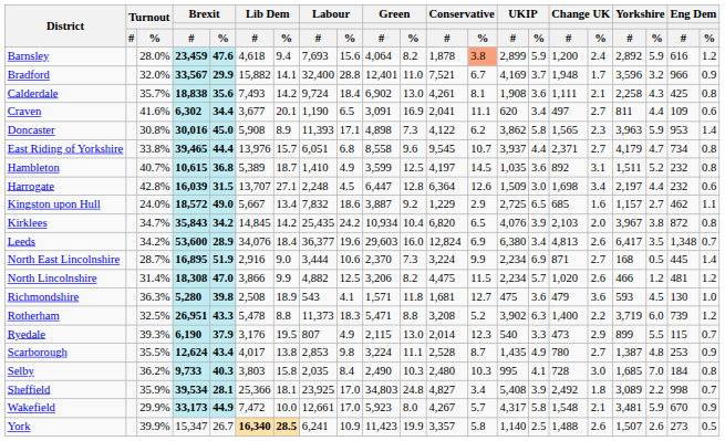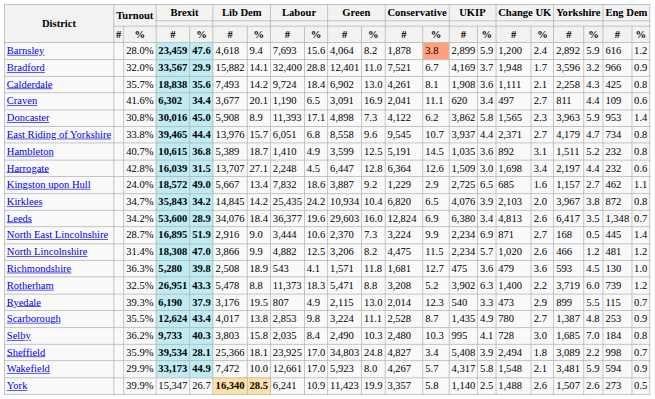 <table class="wikitable sortable">
 <tr>
 <th rowspan=3>District</th>
 <th rowspan=2 colspan=2>Turnout</th>
 <th colspan="2">Brexit</th>
 <th colspan="2">Lib Dem</th>
 <th colspan="2">Labour</th>
 <th colspan="2">Green</th>
 <th colspan="2">Conservative</th>
 <th colspan="2">UKIP</th>
 <th colspan="2">Change UK</th>
 <th colspan="2">Yorkshire</th>
 <th colspan="2">Eng Dem</th>
 </tr>
 <tr>
 <th colspan="2" style="background:"></th>
 <th colspan="2" style="background:"></th>
 <th colspan="2" style="background:"></th>
 <th colspan="2" style="background:"></th>
 <th colspan="2" style="background:"></th>
 <th colspan="2" style="background:"></th>
 <th colspan="2" style="background:"></th>
 <th colspan="2" style="background:"></th>
 <th colspan="2" style="background:"></th>
 </tr>
 <tr>
 <th>#</th>
 <th>%</th>
 <th>#</th>
 <th>%</th>
 <th>#</th>
 <th>%</th>
 <th>#</th>
 <th>%</th>
 <th>#</th>
 <th>%</th>
 <th>#</th>
 <th>%</th>
 <th>#</th>
 <th>%</th>
 <th>#</th>
 <th>%</th>
 <th>#</th>
 <th>%</th>
 <th>#</th>
 <th>%</th>
 </tr>
 <tr>
 <td><a href='#'>Barnsley</a></td>
 <td></td>
 <td>28.0%</td>
 <td style="background:#BFEBF2;"><strong>23,459</strong></td>
 <td style="background:#BFEBF2;"><strong>47.6</strong></td>
 <td>4,618</td>
 <td>9.4</td>
 <td>7,693</td>
 <td>15.6</td>
 <td>4,064</td>
 <td>8.2</td>
 <td>1,878</td>
 <td style="background: lightsalmon;">3.8</td>
 <td>2,899</td>
 <td>5.9</td>
 <td>1,200</td>
 <td>2.4</td>
 <td>2,892</td>
 <td>5.9</td>
 <td>616</td>
 <td>1.2</td>
 </tr>
 <tr>
 <td><a href='#'>Bradford</a></td>
 <td></td>
 <td>32.0%</td>
 <td style="background:#BFEBF2;"><strong>33,567</strong></td>
 <td style="background:#BFEBF2;"><strong>29.9</strong></td>
 <td>15,882</td>
 <td>14.1</td>
 <td>32,400</td>
 <td>28.8</td>
 <td>12,401</td>
 <td>11.0</td>
 <td>7,521</td>
 <td>6.7</td>
 <td>4,169</td>
 <td>3.7</td>
 <td>1,948</td>
 <td>1.7</td>
 <td>3,596</td>
 <td>3.2</td>
 <td>966</td>
 <td>0.9</td>
 </tr>
 <tr>
 <td><a href='#'>Calderdale</a></td>
 <td></td>
 <td>35.7%</td>
 <td style="background:#BFEBF2;"><strong>18,838</strong></td>
 <td style="background:#BFEBF2;"><strong>35.6</strong></td>
 <td>7,493</td>
 <td>14.2</td>
 <td>9,724</td>
 <td>18.4</td>
 <td>6,902</td>
 <td>13.0</td>
 <td>4,261</td>
 <td>8.1</td>
 <td>1,908</td>
 <td>3.6</td>
 <td>1,111</td>
 <td>2.1</td>
 <td>2,258</td>
 <td>4.3</td>
 <td>425</td>
 <td>0.8</td>
 </tr>
 <tr>
 <td><a href='#'>Craven</a></td>
 <td></td>
 <td>41.6%</td>
 <td style="background:#BFEBF2;"><strong>6,302</strong></td>
 <td style="background:#BFEBF2;"><strong>34.4</strong></td>
 <td>3,677</td>
 <td>20.1</td>
 <td>1,190</td>
 <td>6.5</td>
 <td>3,091</td>
 <td>16.9</td>
 <td>2,041</td>
 <td>11.1</td>
 <td>620</td>
 <td>3.4</td>
 <td>497</td>
 <td>2.7</td>
 <td>811</td>
 <td>4.4</td>
 <td>109</td>
 <td>0.6</td>
 </tr>
 <tr>
 <td><a href='#'>Doncaster</a></td>
 <td></td>
 <td>30.8%</td>
 <td style="background:#BFEBF2;"><strong>30,016</strong></td>
 <td style="background:#BFEBF2;"><strong>45.0</strong></td>
 <td>5,908</td>
 <td>8.9</td>
 <td>11,393</td>
 <td>17.1</td>
 <td>4,898</td>
 <td>7.3</td>
 <td>4,122</td>
 <td>6.2</td>
 <td>3,862</td>
 <td>5.8</td>
 <td>1,565</td>
 <td>2.3</td>
 <td>3,963</td>
 <td>5.9</td>
 <td>953</td>
 <td>1.4</td>
 </tr>
 <tr>
 <td><a href='#'>East Riding of Yorkshire</a></td>
 <td></td>
 <td>33.8%</td>
 <td style="background:#BFEBF2;"><strong>39,465</strong></td>
 <td style="background:#BFEBF2;"><strong>44.4</strong></td>
 <td>13,976</td>
 <td>15.7</td>
 <td>6,051</td>
 <td>6.8</td>
 <td>8,558</td>
 <td>9.6</td>
 <td>9,545</td>
 <td>10.7</td>
 <td>3,937</td>
 <td>4.4</td>
 <td>2,371</td>
 <td>2.7</td>
 <td>4,179</td>
 <td>4.7</td>
 <td>734</td>
 <td>0.8</td>
 </tr>
 <tr>
 <td><a href='#'>Hambleton</a></td>
 <td></td>
 <td>40.7%</td>
 <td style="background:#BFEBF2;"><strong>10,615</strong></td>
 <td style="background:#BFEBF2;"><strong>36.8</strong></td>
 <td>5,389</td>
 <td>18.7</td>
 <td>1,410</td>
 <td>4.9</td>
 <td>3,599</td>
 <td>12.5</td>
-<td>4,197</td>
+<td>5,191</td>
 <td>14.5</td>
 <td>1,035</td>
 <td>3.6</td>
 <td>892</td>
 <td>3.1</td>
 <td>1,511</td>
 <td>5.2</td>
 <td>232</td>
 <td>0.8</td>
 </tr>
 <tr>
 <td><a href='#'>Harrogate</a></td>
 <td></td>
 <td>42.8%</td>
 <td style="background:#BFEBF2;"><strong>16,039</strong></td>
 <td style="background:#BFEBF2;"><strong>31.5</strong></td>
 <td>13,707</td>
 <td>27.1</td>
 <td>2,248</td>
 <td>4.5</td>
 <td>6,447</td>
 <td>12.8</td>
 <td>6,364</td>
 <td>12.6</td>
 <td>1,509</td>
 <td>3.0</td>
 <td>1,698</td>
 <td>3.4</td>
 <td>2,197</td>
 <td>4.4</td>
 <td>232</td>
 <td>0.6</td>
 </tr>
 <tr>
 <td><a href='#'>Kingston upon Hull</a></td>
 <td></td>
 <td>24.0%</td>
 <td style="background:#BFEBF2;"><strong>18,572</strong></td>
 <td style="background:#BFEBF2;"><strong>49.0</strong></td>
 <td>5,667</td>
 <td>13.4</td>
 <td>7,832</td>
 <td>18.6</td>
 <td>3,887</td>
 <td>9.2</td>
 <td>1,229</td>
 <td>2.9</td>
 <td>2,725</td>
 <td>6.5</td>
 <td>685</td>
 <td>1.6</td>
 <td>1,157</td>
 <td>2.7</td>
 <td>462</td>
 <td>1.1</td>
 </tr>
 <tr>
 <td><a href='#'>Kirklees</a></td>
 <td></td>
 <td>34.7%</td>
 <td style="background:#BFEBF2;"><strong>35,843</strong></td>
 <td style="background:#BFEBF2;"><strong>34.2</strong></td>
 <td>14,845</td>
 <td>14.2</td>
 <td>25,435</td>
 <td>24.2</td>
 <td>10,934</td>
 <td>10.4</td>
 <td>6,820</td>
 <td>6.5</td>
 <td>4,076</td>
 <td>3.9</td>
 <td>2,103</td>
 <td>2.0</td>
 <td>3,967</td>
 <td>3.8</td>
 <td>872</td>
 <td>0.8</td>
 </tr>
 <tr>
 <td><a href='#'>Leeds</a></td>
 <td></td>
 <td>34.2%</td>
 <td style="background:#BFEBF2;"><strong>53,600</strong></td>
 <td style="background:#BFEBF2;"><strong>28.9</strong></td>
 <td>34,076</td>
 <td>18.4</td>
 <td>36,377</td>
 <td>19.6</td>
 <td>29,603</td>
 <td>16.0</td>
 <td>12,824</td>
 <td>6.9</td>
 <td>6,380</td>
 <td>3.4</td>
 <td>4,813</td>
 <td>2.6</td>
 <td>6,417</td>
 <td>3.5</td>
 <td>1,348</td>
 <td>0.7</td>
 </tr>
 <tr>
 <td><a href='#'>North East Lincolnshire</a></td>
 <td></td>
 <td>28.7%</td>
 <td style="background:#BFEBF2;"><strong>16,895</strong></td>
 <td style="background:#BFEBF2;"><strong>51.9</strong></td>
 <td>2,916</td>
 <td>9.0</td>
 <td>3,444</td>
 <td>10.6</td>
 <td>2,370</td>
 <td>7.3</td>
 <td>3,224</td>
 <td>9.9</td>
 <td>2,234</td>
 <td>6.9</td>
 <td>871</td>
 <td>2.7</td>
 <td>168</td>
 <td>0.5</td>
 <td>445</td>
 <td>1.4</td>
 </tr>
 <tr>
 <td><a href='#'>North Lincolnshire</a></td>
 <td></td>
 <td>31.4%</td>
 <td style="background:#BFEBF2;"><strong>18,308</strong></td>
 <td style="background:#BFEBF2;"><strong>47.0</strong></td>
 <td>3,866</td>
 <td>9.9</td>
 <td>4,882</td>
 <td>12.5</td>
 <td>3,206</td>
 <td>8.2</td>
 <td>4,475</td>
 <td>11.5</td>
 <td>2,234</td>
 <td>5.7</td>
 <td>1,020</td>
 <td>2.6</td>
 <td>466</td>
 <td>1.2</td>
 <td>481</td>
 <td>1.2</td>
 </tr>
 <tr>
 <td><a href='#'>Richmondshire</a></td>
 <td></td>
 <td>36.3%</td>
 <td style="background:#BFEBF2;"><strong>5,280</strong></td>
 <td style="background:#BFEBF2;"><strong>39.8</strong></td>
 <td>2,508</td>
 <td>18.9</td>
 <td>543</td>
 <td>4.1</td>
 <td>1,571</td>
 <td>11.8</td>
 <td>1,681</td>
 <td>12.7</td>
 <td>475</td>
 <td>3.6</td>
 <td>479</td>
 <td>3.6</td>
 <td>593</td>
 <td>4.5</td>
 <td>130</td>
 <td>1.0</td>
 </tr>
 <tr>
 <td><a href='#'>Rotherham</a></td>
 <td></td>
 <td>32.5%</td>
 <td style="background:#BFEBF2;"><strong>26,951</strong></td>
 <td style="background:#BFEBF2;"><strong>43.3</strong></td>
 <td>5,478</td>
 <td>8.8</td>
 <td>11,373</td>
 <td>18.3</td>
 <td>5,471</td>
 <td>8.8</td>
 <td>3,208</td>
 <td>5.2</td>
 <td>3,902</td>
 <td>6.3</td>
 <td>1,400</td>
 <td>2.2</td>
 <td>3,719</td>
 <td>6.0</td>
 <td>739</td>
 <td>1.2</td>
 </tr>
 <tr>
 <td><a href='#'>Ryedale</a></td>
 <td></td>
 <td>39.3%</td>
 <td style="background:#BFEBF2;"><strong>6,190</strong></td>
 <td style="background:#BFEBF2;"><strong>37.9</strong></td>
 <td>3,176</td>
 <td>19.5</td>
 <td>807</td>
 <td>4.9</td>
 <td>2,115</td>
 <td>13.0</td>
 <td>2,014</td>
 <td>12.3</td>
 <td>540</td>
 <td>3.3</td>
 <td>473</td>
 <td>2.9</td>
 <td>899</td>
 <td>5.5</td>
 <td>115</td>
 <td>0.7</td>
 </tr>
 <tr>
 <td><a href='#'>Scarborough</a></td>
 <td></td>
 <td>35.5%</td>
 <td style="background:#BFEBF2;"><strong>12,624</strong></td>
 <td style="background:#BFEBF2;"><strong>43.4</strong></td>
 <td>4,017</td>
 <td>13.8</td>
 <td>2,853</td>
 <td>9.8</td>
 <td>3,224</td>
 <td>11.1</td>
 <td>2,528</td>
 <td>8.7</td>
 <td>1,435</td>
 <td>4.9</td>
 <td>780</td>
 <td>2.7</td>
 <td>1,387</td>
 <td>4.8</td>
 <td>253</td>
 <td>0.9</td>
 </tr>
 <tr>
 <td><a href='#'>Selby</a></td>
 <td></td>
 <td>36.2%</td>
 <td style="background:#BFEBF2;"><strong>9,733</strong></td>
 <td style="background:#BFEBF2;"><strong>40.3</strong></td>
 <td>3,803</td>
 <td>15.8</td>
 <td>2,035</td>
 <td>8.4</td>
 <td>2,490</td>
 <td>10.3</td>
 <td>2,480</td>
 <td>10.3</td>
 <td>995</td>
 <td>4.1</td>
 <td>728</td>
 <td>3.0</td>
 <td>1,685</td>
 <td>7.0</td>
 <td>184</td>
 <td>0.8</td>
 </tr>
 <tr>
 <td><a href='#'>Sheffield</a></td>
 <td></td>
 <td>35.9%</td>
 <td style="background:#BFEBF2;"><strong>39,534</strong></td>
 <td style="background:#BFEBF2;"><strong>28.1</strong></td>
 <td>25,366</td>
 <td>18.1</td>
 <td>23,925</td>
 <td>17.0</td>
 <td>34,803</td>
 <td>24.8</td>
 <td>4,827</td>
 <td>3.4</td>
 <td>5,408</td>
 <td>3.9</td>
-<td>2,492</td>
+<td>2,494</td>
 <td>1.8</td>
 <td>3,089</td>
 <td>2.2</td>
 <td>998</td>
 <td>0.7</td>
 </tr>
 <tr>
 <td><a href='#'>Wakefield</a></td>
 <td></td>
 <td>29.9%</td>
 <td style="background:#BFEBF2;"><strong>33,173</strong></td>
 <td style="background:#BFEBF2;"><strong>44.9</strong></td>
 <td>7,472</td>
 <td>10.0</td>
 <td>12,661</td>
 <td>17.0</td>
 <td>5,923</td>
 <td>8.0</td>
 <td>4,267</td>
 <td>5.7</td>
 <td>4,317</td>
 <td>5.8</td>
 <td>1,548</td>
 <td>2.1</td>
 <td>3,481</td>
 <td>5.9</td>
-<td>670</td>
+<td>594</td>
 <td>0.9</td>
 </tr>
 <tr>
 <td><a href='#'>York</a></td>
 <td></td>
 <td>39.9%</td>
 <td>15,347</td>
 <td>26.7</td>
 <td style="background:#FEE1A8"><strong>16,340</strong></td>
 <td style="background:#FEE1A8"><strong>28.5</strong></td>
 <td>6,241</td>
 <td>10.9</td>
 <td>11,423</td>
 <td>19.9</td>
 <td>3,357</td>
 <td>5.8</td>
 <td>1,140</td>
 <td>2.5</td>
 <td>1,488</td>
 <td>2.6</td>
 <td>1,507</td>
 <td>2.6</td>
 <td>273</td>
 <td>0.5</td>
 </tr>
 </table>
